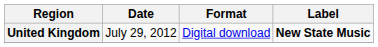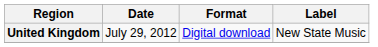 <table class="wikitable plainrowheaders">
 <tr>
 <th>Region</th>
 <th>Date</th>
 <th>Format</th>
 <th>Label</th>
 </tr>
 <tr>
 <th scope="row">United Kingdom</th>
 <td>July 29, 2012</td>
 <td><a href='#'>Digital download</a></td>
-<td><strong>New State Music</strong></td>
+<td>New State Music</td>
 </tr>
 <tr>
 </tr>
 </table>
